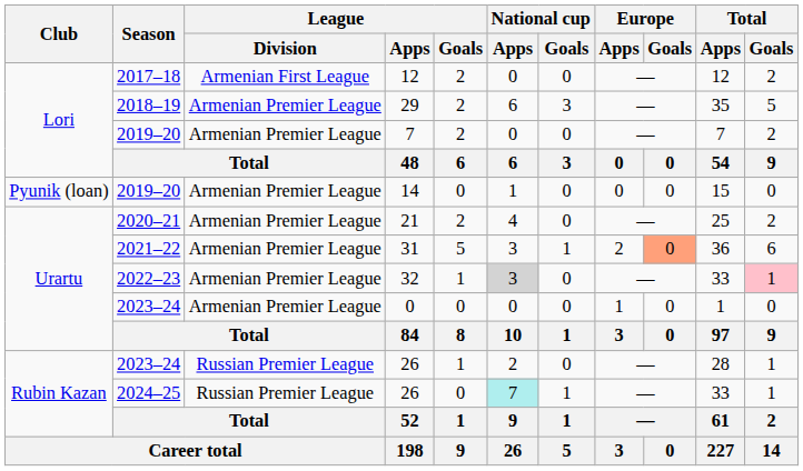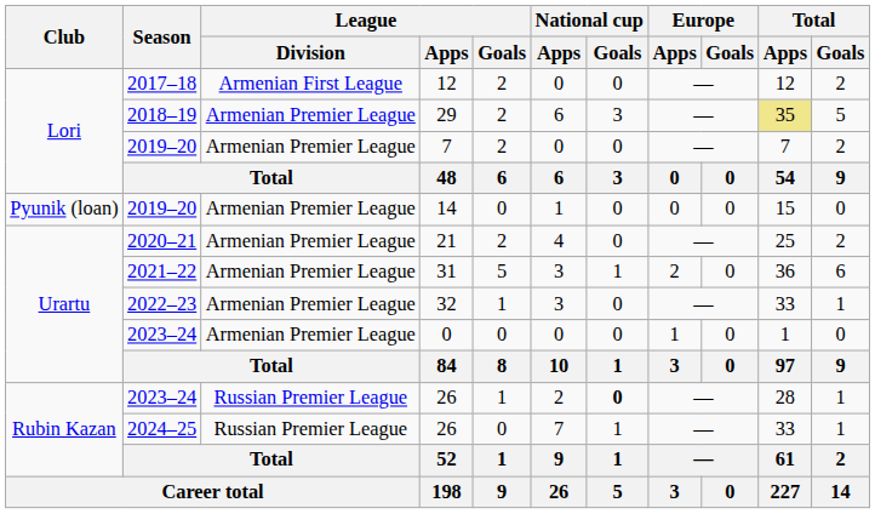 <table class="wikitable" style="text-align:center">
 <tr>
 <th rowspan="2">Club</th>
 <th rowspan="2">Season</th>
 <th colspan="3">League</th>
 <th colspan="2">National cup</th>
 <th colspan="2">Europe</th>
 <th colspan="2">Total</th>
 </tr>
 <tr>
 <th>Division</th>
 <th>Apps</th>
 <th>Goals</th>
 <th>Apps</th>
 <th>Goals</th>
 <th>Apps</th>
 <th>Goals</th>
 <th>Apps</th>
 <th>Goals</th>
 </tr>
 <tr>
 <td rowspan="4"><a href='#'>Lori</a></td>
 <td><a href='#'>2017–18</a></td>
 <td><a href='#'>Armenian First League</a></td>
 <td>12</td>
 <td>2</td>
 <td>0</td>
 <td>0</td>
 <td colspan="2">—</td>
 <td>12</td>
 <td>2</td>
 </tr>
 <tr>
 <td><a href='#'>2018–19</a></td>
 <td><a href='#'>Armenian Premier League</a></td>
 <td>29</td>
 <td>2</td>
 <td>6</td>
 <td>3</td>
 <td colspan="2">—</td>
-<td>35</td>
+<td style="background: khaki;">35</td>
 <td>5</td>
 </tr>
 <tr>
 <td><a href='#'>2019–20</a></td>
 <td>Armenian Premier League</td>
 <td>7</td>
 <td>2</td>
 <td>0</td>
 <td>0</td>
 <td colspan="2">—</td>
 <td>7</td>
 <td>2</td>
 </tr>
 <tr>
 <th colspan="2">Total</th>
 <th>48</th>
 <th>6</th>
 <th>6</th>
 <th>3</th>
 <th>0</th>
 <th>0</th>
 <th>54</th>
 <th>9</th>
 </tr>
 <tr>
 <td><a href='#'>Pyunik</a> (loan)</td>
 <td><a href='#'>2019–20</a></td>
 <td>Armenian Premier League</td>
 <td>14</td>
 <td>0</td>
 <td>1</td>
 <td>0</td>
 <td>0</td>
 <td>0</td>
 <td>15</td>
 <td>0</td>
 </tr>
 <tr>
 <td rowspan="5"><a href='#'>Urartu</a></td>
 <td><a href='#'>2020–21</a></td>
 <td>Armenian Premier League</td>
 <td>21</td>
 <td>2</td>
 <td>4</td>
 <td>0</td>
 <td colspan="2">—</td>
 <td>25</td>
 <td>2</td>
 </tr>
 <tr>
 <td><a href='#'>2021–22</a></td>
 <td>Armenian Premier League</td>
 <td>31</td>
 <td>5</td>
 <td>3</td>
 <td>1</td>
 <td>2</td>
-<td style="background: lightsalmon;">0</td>
+<td>0</td>
 <td>36</td>
 <td>6</td>
 </tr>
 <tr>
 <td><a href='#'>2022–23</a></td>
 <td>Armenian Premier League</td>
 <td>32</td>
 <td>1</td>
-<td style="background: lightgrey;">3</td>
+<td>3</td>
 <td>0</td>
 <td colspan="2">—</td>
 <td>33</td>
-<td style="background: pink;">1</td>
+<td>1</td>
 </tr>
 <tr>
 <td><a href='#'>2023–24</a></td>
 <td>Armenian Premier League</td>
 <td>0</td>
 <td>0</td>
 <td>0</td>
 <td>0</td>
 <td>1</td>
 <td>0</td>
 <td>1</td>
 <td>0</td>
 </tr>
 <tr>
 <th colspan="2">Total</th>
 <th>84</th>
 <th>8</th>
 <th>10</th>
 <th>1</th>
 <th>3</th>
 <th>0</th>
 <th>97</th>
 <th>9</th>
 </tr>
 <tr>
 <td rowspan="3"><a href='#'>Rubin Kazan</a></td>
 <td><a href='#'>2023–24</a></td>
 <td><a href='#'>Russian Premier League</a></td>
 <td>26</td>
 <td>1</td>
 <td>2</td>
-<td>0</td>
+<td><strong>0</strong></td>
 <td colspan="2">—</td>
 <td>28</td>
 <td>1</td>
 </tr>
 <tr>
 <td><a href='#'>2024–25</a></td>
 <td>Russian Premier League</td>
 <td>26</td>
 <td>0</td>
-<td style="background: paleturquoise;">7</td>
+<td>7</td>
 <td>1</td>
 <td colspan="2">—</td>
 <td>33</td>
 <td>1</td>
 </tr>
 <tr>
 <th colspan="2">Total</th>
 <th>52</th>
 <th>1</th>
 <th>9</th>
 <th>1</th>
 <th colspan="2">—</th>
 <th>61</th>
 <th>2</th>
 </tr>
 <tr>
 <th colspan="3">Career total</th>
 <th>198</th>
 <th>9</th>
 <th>26</th>
 <th>5</th>
 <th>3</th>
 <th>0</th>
 <th>227</th>
 <th>14</th>
 </tr>
 </table>
